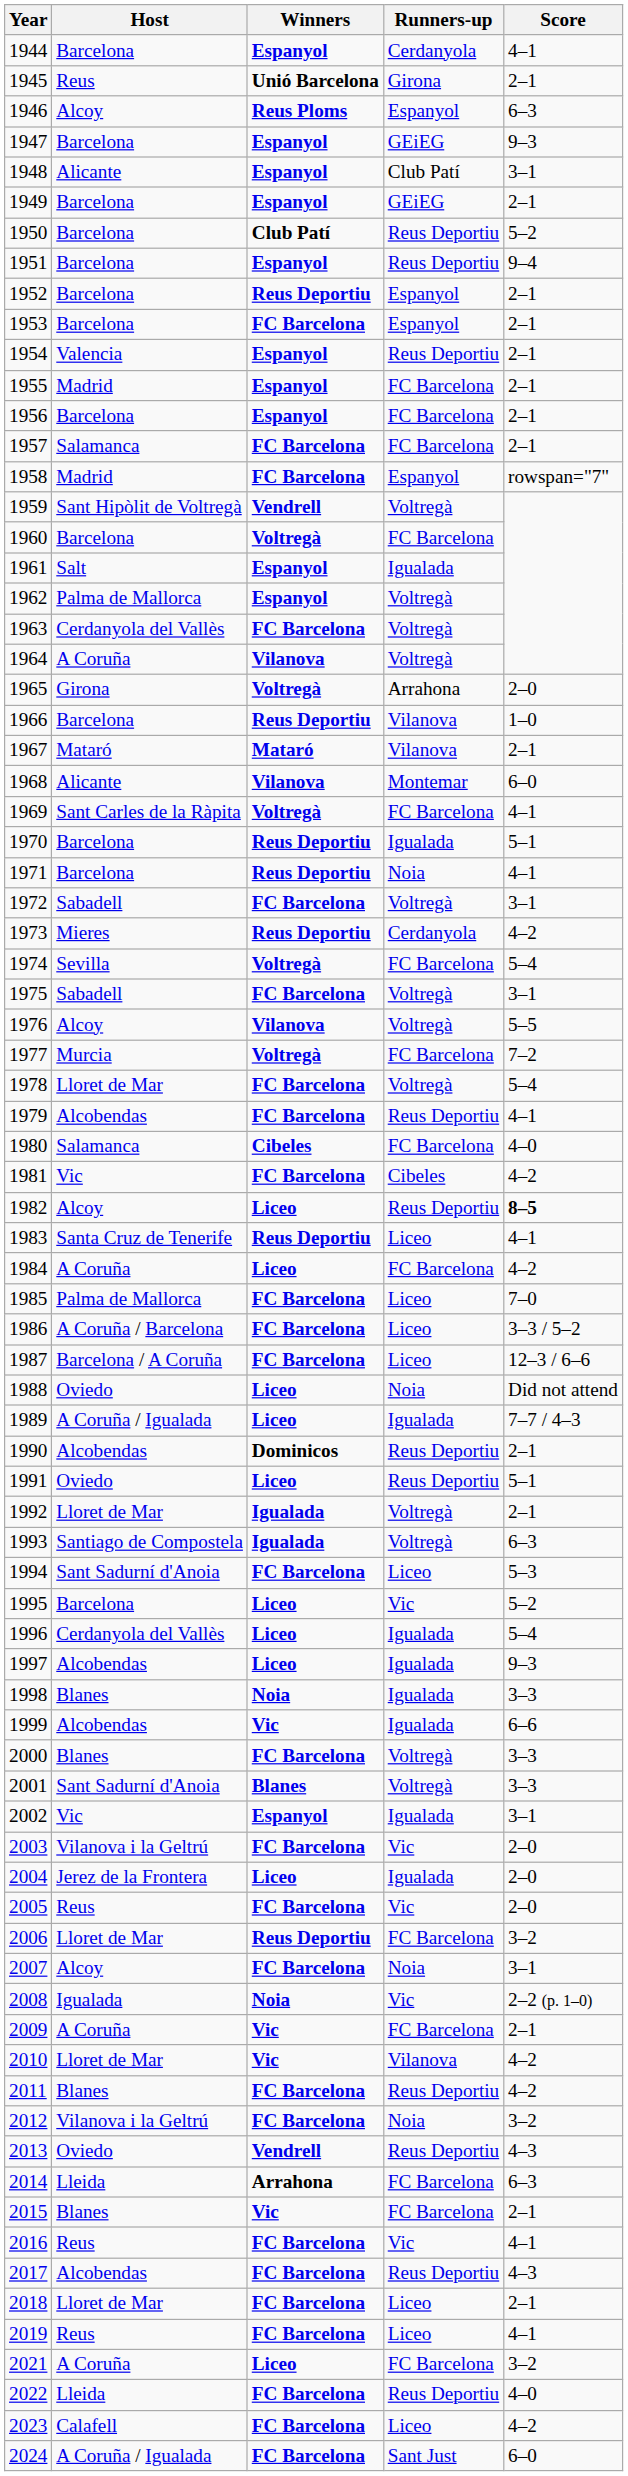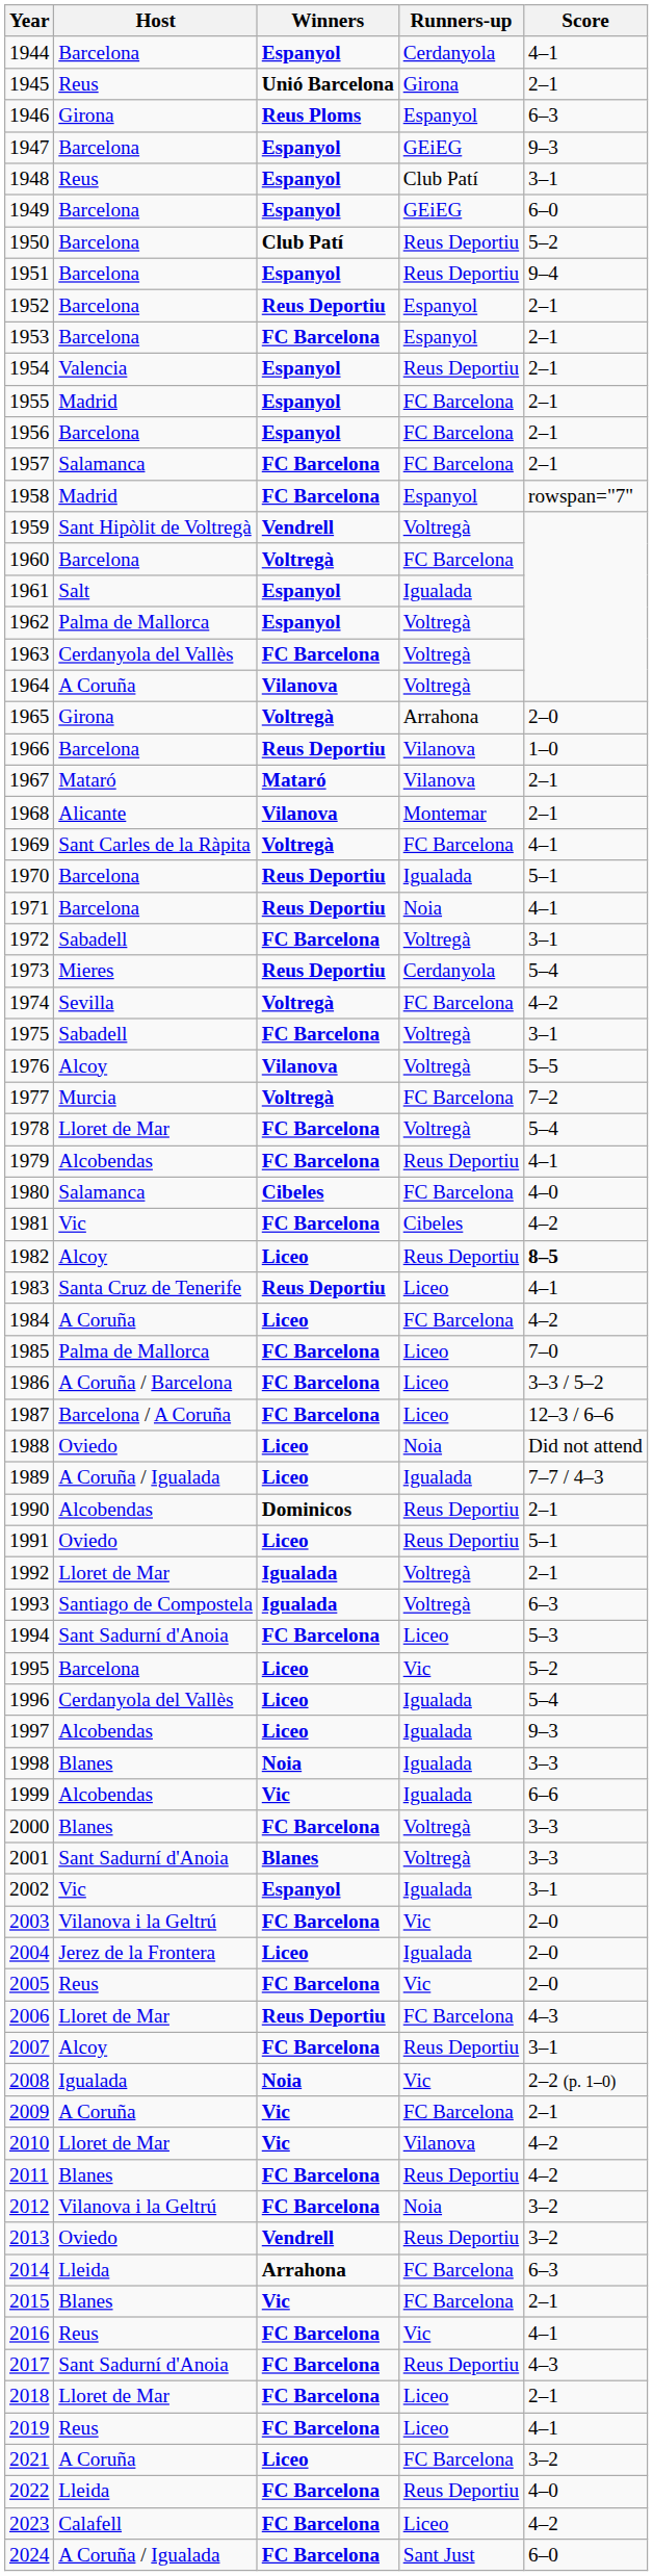 <table class="wikitable">
 <tr>
 <th>Year</th>
 <th>Host</th>
 <th>Winners</th>
 <th>Runners-up</th>
 <th>Score</th>
 </tr>
 <tr>
 <td>1944</td>
 <td><a href='#'>Barcelona</a></td>
 <td><strong><a href='#'>Espanyol</a></strong></td>
 <td><a href='#'>Cerdanyola</a></td>
 <td>4–1</td>
 </tr>
 <tr>
 <td>1945</td>
 <td><a href='#'>Reus</a></td>
 <td><strong>Unió Barcelona</strong></td>
 <td><a href='#'>Girona</a></td>
 <td>2–1</td>
 </tr>
 <tr>
 <td>1946</td>
-<td><a href='#'>Alcoy</a></td>
+<td><a href='#'>Girona</a></td>
 <td><strong><a href='#'>Reus Ploms</a></strong></td>
 <td><a href='#'>Espanyol</a></td>
 <td>6–3</td>
 </tr>
 <tr>
 <td>1947</td>
 <td><a href='#'>Barcelona</a></td>
 <td><strong><a href='#'>Espanyol</a></strong></td>
 <td><a href='#'>GEiEG</a></td>
 <td>9–3</td>
 </tr>
 <tr>
 <td>1948</td>
-<td><a href='#'>Alicante</a></td>
+<td><a href='#'>Reus</a></td>
 <td><strong><a href='#'>Espanyol</a></strong></td>
 <td>Club Patí</td>
 <td>3–1</td>
 </tr>
 <tr>
 <td>1949</td>
 <td><a href='#'>Barcelona</a></td>
 <td><strong><a href='#'>Espanyol</a></strong></td>
 <td><a href='#'>GEiEG</a></td>
-<td>2–1</td>
+<td>6–0</td>
 </tr>
 <tr>
 <td>1950</td>
 <td><a href='#'>Barcelona</a></td>
 <td><strong>Club Patí</strong></td>
 <td><a href='#'>Reus Deportiu</a></td>
 <td>5–2</td>
 </tr>
 <tr>
 <td>1951</td>
 <td><a href='#'>Barcelona</a></td>
 <td><strong><a href='#'>Espanyol</a></strong></td>
 <td><a href='#'>Reus Deportiu</a></td>
 <td>9–4</td>
 </tr>
 <tr>
 <td>1952</td>
 <td><a href='#'>Barcelona</a></td>
 <td><strong><a href='#'>Reus Deportiu</a></strong></td>
 <td><a href='#'>Espanyol</a></td>
 <td>2–1</td>
 </tr>
 <tr>
 <td>1953</td>
 <td><a href='#'>Barcelona</a></td>
 <td><strong><a href='#'>FC Barcelona</a></strong></td>
 <td><a href='#'>Espanyol</a></td>
 <td>2–1</td>
 </tr>
 <tr>
 <td>1954</td>
 <td><a href='#'>Valencia</a></td>
 <td><strong><a href='#'>Espanyol</a></strong></td>
 <td><a href='#'>Reus Deportiu</a></td>
 <td>2–1</td>
 </tr>
 <tr>
 <td>1955</td>
 <td><a href='#'>Madrid</a></td>
 <td><strong><a href='#'>Espanyol</a></strong></td>
 <td><a href='#'>FC Barcelona</a></td>
 <td>2–1</td>
 </tr>
 <tr>
 <td>1956</td>
 <td><a href='#'>Barcelona</a></td>
 <td><strong><a href='#'>Espanyol</a></strong></td>
 <td><a href='#'>FC Barcelona</a></td>
 <td>2–1</td>
 </tr>
 <tr>
 <td>1957</td>
 <td><a href='#'>Salamanca</a></td>
 <td><strong><a href='#'>FC Barcelona</a></strong></td>
 <td><a href='#'>FC Barcelona</a></td>
 <td>2–1</td>
 </tr>
 <tr>
 <td>1958</td>
 <td><a href='#'>Madrid</a></td>
 <td><strong><a href='#'>FC Barcelona</a></strong></td>
 <td><a href='#'>Espanyol</a></td>
 <td>rowspan="7" </td>
 </tr>
 <tr>
 <td>1959</td>
 <td><a href='#'>Sant Hipòlit de Voltregà</a></td>
 <td><strong><a href='#'>Vendrell</a></strong></td>
 <td><a href='#'>Voltregà</a></td>
 </tr>
 <tr>
 <td>1960</td>
 <td><a href='#'>Barcelona</a></td>
 <td><strong><a href='#'>Voltregà</a></strong></td>
 <td><a href='#'>FC Barcelona</a></td>
 </tr>
 <tr>
 <td>1961</td>
 <td><a href='#'>Salt</a></td>
 <td><strong><a href='#'>Espanyol</a></strong></td>
 <td><a href='#'>Igualada</a></td>
 </tr>
 <tr>
 <td>1962</td>
 <td><a href='#'>Palma de Mallorca</a></td>
 <td><strong><a href='#'>Espanyol</a></strong></td>
 <td><a href='#'>Voltregà</a></td>
 </tr>
 <tr>
 <td>1963</td>
 <td><a href='#'>Cerdanyola del Vallès</a></td>
 <td><strong><a href='#'>FC Barcelona</a></strong></td>
 <td><a href='#'>Voltregà</a></td>
 </tr>
 <tr>
 <td>1964</td>
 <td><a href='#'>A Coruña</a></td>
 <td><strong><a href='#'>Vilanova</a></strong></td>
 <td><a href='#'>Voltregà</a></td>
 </tr>
 <tr>
 <td>1965</td>
 <td><a href='#'>Girona</a></td>
 <td><strong><a href='#'>Voltregà</a></strong></td>
 <td>Arrahona</td>
 <td>2–0</td>
 </tr>
 <tr>
 <td>1966</td>
 <td><a href='#'>Barcelona</a></td>
 <td><strong><a href='#'>Reus Deportiu</a></strong></td>
 <td><a href='#'>Vilanova</a></td>
 <td>1–0</td>
 </tr>
 <tr>
 <td>1967</td>
 <td><a href='#'>Mataró</a></td>
 <td><strong><a href='#'>Mataró</a></strong></td>
 <td><a href='#'>Vilanova</a></td>
 <td>2–1</td>
 </tr>
 <tr>
 <td>1968</td>
 <td><a href='#'>Alicante</a></td>
 <td><strong><a href='#'>Vilanova</a></strong></td>
 <td><a href='#'>Montemar</a></td>
-<td>6–0</td>
+<td>2–1</td>
 </tr>
 <tr>
 <td>1969</td>
 <td><a href='#'>Sant Carles de la Ràpita</a></td>
 <td><strong><a href='#'>Voltregà</a></strong></td>
 <td><a href='#'>FC Barcelona</a></td>
 <td>4–1</td>
 </tr>
 <tr>
 <td>1970</td>
 <td><a href='#'>Barcelona</a></td>
 <td><strong><a href='#'>Reus Deportiu</a></strong></td>
 <td><a href='#'>Igualada</a></td>
 <td>5–1</td>
 </tr>
 <tr>
 <td>1971</td>
 <td><a href='#'>Barcelona</a></td>
 <td><strong><a href='#'>Reus Deportiu</a></strong></td>
 <td><a href='#'>Noia</a></td>
 <td>4–1</td>
 </tr>
 <tr>
 <td>1972</td>
 <td><a href='#'>Sabadell</a></td>
 <td><strong><a href='#'>FC Barcelona</a></strong></td>
 <td><a href='#'>Voltregà</a></td>
 <td>3–1</td>
 </tr>
 <tr>
 <td>1973</td>
 <td><a href='#'>Mieres</a></td>
 <td><strong><a href='#'>Reus Deportiu</a></strong></td>
 <td><a href='#'>Cerdanyola</a></td>
-<td>4–2</td>
+<td>5–4</td>
 </tr>
 <tr>
 <td>1974</td>
 <td><a href='#'>Sevilla</a></td>
 <td><strong><a href='#'>Voltregà</a></strong></td>
 <td><a href='#'>FC Barcelona</a></td>
-<td>5–4</td>
+<td>4–2</td>
 </tr>
 <tr>
 <td>1975</td>
 <td><a href='#'>Sabadell</a></td>
 <td><strong><a href='#'>FC Barcelona</a></strong></td>
 <td><a href='#'>Voltregà</a></td>
 <td>3–1</td>
 </tr>
 <tr>
 <td>1976</td>
 <td><a href='#'>Alcoy</a></td>
 <td><strong><a href='#'>Vilanova</a></strong></td>
 <td><a href='#'>Voltregà</a></td>
 <td>5–5</td>
 </tr>
 <tr>
 <td>1977</td>
 <td><a href='#'>Murcia</a></td>
 <td><strong><a href='#'>Voltregà</a></strong></td>
 <td><a href='#'>FC Barcelona</a></td>
 <td>7–2</td>
 </tr>
 <tr>
 <td>1978</td>
 <td><a href='#'>Lloret de Mar</a></td>
 <td><strong><a href='#'>FC Barcelona</a></strong></td>
 <td><a href='#'>Voltregà</a></td>
 <td>5–4</td>
 </tr>
 <tr>
 <td>1979</td>
 <td><a href='#'>Alcobendas</a></td>
 <td><strong><a href='#'>FC Barcelona</a></strong></td>
 <td><a href='#'>Reus Deportiu</a></td>
 <td>4–1</td>
 </tr>
 <tr>
 <td>1980</td>
 <td><a href='#'>Salamanca</a></td>
 <td><strong><a href='#'>Cibeles</a> </strong></td>
 <td><a href='#'>FC Barcelona</a></td>
 <td>4–0</td>
 </tr>
 <tr>
 <td>1981</td>
 <td><a href='#'>Vic</a></td>
 <td><strong><a href='#'>FC Barcelona</a></strong></td>
 <td><a href='#'>Cibeles</a></td>
 <td>4–2</td>
 </tr>
 <tr>
 <td>1982</td>
 <td><a href='#'>Alcoy</a></td>
 <td><strong><a href='#'>Liceo</a></strong></td>
 <td><a href='#'>Reus Deportiu</a></td>
 <td><strong>8–5</strong></td>
 </tr>
 <tr>
 <td>1983</td>
 <td><a href='#'>Santa Cruz de Tenerife</a></td>
 <td><strong><a href='#'>Reus Deportiu</a></strong></td>
 <td><a href='#'>Liceo</a></td>
 <td>4–1</td>
 </tr>
 <tr>
 <td>1984</td>
 <td><a href='#'>A Coruña</a></td>
 <td><strong> <a href='#'>Liceo</a></strong></td>
 <td><a href='#'>FC Barcelona</a></td>
 <td>4–2</td>
 </tr>
 <tr>
 <td>1985</td>
 <td><a href='#'>Palma de Mallorca</a></td>
 <td><strong><a href='#'>FC Barcelona</a></strong></td>
 <td><a href='#'>Liceo</a></td>
 <td>7–0</td>
 </tr>
 <tr>
 <td>1986</td>
 <td><a href='#'>A Coruña</a> / <a href='#'>Barcelona</a></td>
 <td><strong><a href='#'>FC Barcelona</a></strong></td>
 <td><a href='#'>Liceo</a></td>
 <td>3–3 / 5–2</td>
 </tr>
 <tr>
 <td>1987</td>
 <td><a href='#'>Barcelona</a> / <a href='#'>A Coruña</a></td>
 <td><strong><a href='#'>FC Barcelona</a></strong></td>
 <td><a href='#'>Liceo</a></td>
 <td>12–3 / 6–6</td>
 </tr>
 <tr>
 <td>1988</td>
 <td><a href='#'>Oviedo</a></td>
 <td><strong> <a href='#'>Liceo</a></strong></td>
 <td><a href='#'>Noia</a></td>
 <td>Did not attend</td>
 </tr>
 <tr>
 <td>1989</td>
 <td><a href='#'>A Coruña</a> / <a href='#'>Igualada</a></td>
 <td><strong> <a href='#'>Liceo</a></strong></td>
 <td><a href='#'>Igualada</a></td>
 <td>7–7 / 4–3</td>
 </tr>
 <tr>
 <td>1990</td>
 <td><a href='#'>Alcobendas</a></td>
 <td><strong> Dominicos</strong></td>
 <td><a href='#'>Reus Deportiu</a></td>
 <td>2–1</td>
 </tr>
 <tr>
 <td>1991</td>
 <td><a href='#'>Oviedo</a></td>
 <td><strong> <a href='#'>Liceo</a></strong></td>
 <td><a href='#'>Reus Deportiu</a></td>
 <td>5–1</td>
 </tr>
 <tr>
 <td>1992</td>
 <td><a href='#'>Lloret de Mar</a></td>
 <td><strong><a href='#'>Igualada</a></strong></td>
 <td><a href='#'>Voltregà</a></td>
 <td>2–1</td>
 </tr>
 <tr>
 <td>1993</td>
 <td><a href='#'>Santiago de Compostela</a></td>
 <td><strong><a href='#'>Igualada</a></strong></td>
 <td><a href='#'>Voltregà</a></td>
 <td>6–3</td>
 </tr>
 <tr>
 <td>1994</td>
 <td><a href='#'>Sant Sadurní d'Anoia</a></td>
 <td><strong><a href='#'>FC Barcelona</a></strong></td>
 <td><a href='#'>Liceo</a></td>
 <td>5–3</td>
 </tr>
 <tr>
 <td>1995</td>
 <td><a href='#'>Barcelona</a></td>
 <td><strong> <a href='#'>Liceo</a></strong></td>
 <td><a href='#'>Vic</a></td>
 <td>5–2</td>
 </tr>
 <tr>
 <td>1996</td>
 <td><a href='#'>Cerdanyola del Vallès</a></td>
 <td><strong> <a href='#'>Liceo</a></strong></td>
 <td><a href='#'>Igualada</a></td>
 <td>5–4</td>
 </tr>
 <tr>
 <td>1997</td>
 <td><a href='#'>Alcobendas</a></td>
 <td><strong> <a href='#'>Liceo</a></strong></td>
 <td><a href='#'>Igualada</a></td>
 <td>9–3</td>
 </tr>
 <tr>
 <td>1998</td>
 <td><a href='#'>Blanes</a></td>
 <td><strong><a href='#'>Noia</a></strong></td>
 <td><a href='#'>Igualada</a></td>
 <td>3–3</td>
 </tr>
 <tr>
 <td>1999</td>
 <td><a href='#'>Alcobendas</a></td>
 <td><strong><a href='#'>Vic</a></strong></td>
 <td><a href='#'>Igualada</a></td>
 <td>6–6</td>
 </tr>
 <tr>
 <td>2000</td>
 <td><a href='#'>Blanes</a></td>
 <td><strong><a href='#'>FC Barcelona</a></strong></td>
 <td><a href='#'>Voltregà</a></td>
 <td>3–3</td>
 </tr>
 <tr>
 <td>2001</td>
 <td><a href='#'>Sant Sadurní d'Anoia</a></td>
 <td><strong><a href='#'>Blanes</a></strong></td>
 <td><a href='#'>Voltregà</a></td>
 <td>3–3</td>
 </tr>
 <tr>
 <td>2002</td>
 <td><a href='#'>Vic</a></td>
 <td><strong><a href='#'>Espanyol</a></strong></td>
 <td><a href='#'>Igualada</a></td>
 <td>3–1</td>
 </tr>
 <tr>
 <td><a href='#'>2003</a></td>
 <td><a href='#'>Vilanova i la Geltrú</a></td>
 <td><strong><a href='#'>FC Barcelona</a></strong></td>
 <td><a href='#'>Vic</a></td>
 <td>2–0</td>
 </tr>
 <tr>
 <td><a href='#'>2004</a></td>
 <td><a href='#'>Jerez de la Frontera</a></td>
 <td><strong> <a href='#'>Liceo</a></strong></td>
 <td><a href='#'>Igualada</a></td>
 <td>2–0</td>
 </tr>
 <tr>
 <td><a href='#'>2005</a></td>
 <td><a href='#'>Reus</a></td>
 <td><strong><a href='#'>FC Barcelona</a></strong></td>
 <td><a href='#'>Vic</a></td>
 <td>2–0</td>
 </tr>
 <tr>
 <td><a href='#'>2006</a></td>
 <td><a href='#'>Lloret de Mar</a></td>
 <td><strong><a href='#'>Reus Deportiu</a></strong></td>
 <td><a href='#'>FC Barcelona</a></td>
-<td>3–2</td>
+<td>4–3</td>
 </tr>
 <tr>
 <td><a href='#'>2007</a></td>
 <td><a href='#'>Alcoy</a></td>
 <td><strong><a href='#'>FC Barcelona</a></strong></td>
-<td><a href='#'>Noia</a></td>
+<td><a href='#'>Reus Deportiu</a></td>
 <td>3–1</td>
 </tr>
 <tr>
 <td><a href='#'>2008</a></td>
 <td><a href='#'>Igualada</a></td>
 <td><strong><a href='#'>Noia</a></strong></td>
 <td><a href='#'>Vic</a></td>
 <td>2–2 <small>(p. 1–0)</small></td>
 </tr>
 <tr>
 <td><a href='#'>2009</a></td>
 <td><a href='#'>A Coruña</a></td>
 <td><strong><a href='#'>Vic</a></strong></td>
 <td><a href='#'>FC Barcelona</a></td>
 <td>2–1</td>
 </tr>
 <tr>
 <td><a href='#'>2010</a></td>
 <td><a href='#'>Lloret de Mar</a></td>
 <td><strong><a href='#'>Vic</a></strong></td>
 <td><a href='#'>Vilanova</a></td>
 <td>4–2</td>
 </tr>
 <tr>
 <td><a href='#'>2011</a></td>
 <td><a href='#'>Blanes</a></td>
 <td><strong><a href='#'>FC Barcelona</a></strong></td>
 <td><a href='#'>Reus Deportiu</a></td>
 <td>4–2</td>
 </tr>
 <tr>
 <td><a href='#'>2012</a></td>
 <td><a href='#'>Vilanova i la Geltrú</a></td>
 <td><strong><a href='#'>FC Barcelona</a></strong></td>
 <td><a href='#'>Noia</a></td>
 <td>3–2</td>
 </tr>
 <tr>
 <td><a href='#'>2013</a></td>
 <td><a href='#'>Oviedo</a></td>
 <td><strong><a href='#'>Vendrell</a></strong></td>
 <td><a href='#'>Reus Deportiu</a></td>
-<td>4–3</td>
+<td>3–2</td>
 </tr>
 <tr>
 <td><a href='#'>2014</a></td>
 <td><a href='#'>Lleida</a></td>
 <td><strong>Arrahona</strong></td>
 <td><a href='#'>FC Barcelona</a></td>
 <td>6–3</td>
 </tr>
 <tr>
 <td><a href='#'>2015</a></td>
 <td><a href='#'>Blanes</a></td>
 <td><strong><a href='#'>Vic</a></strong></td>
 <td><a href='#'>FC Barcelona</a></td>
 <td>2–1</td>
 </tr>
 <tr>
 <td><a href='#'>2016</a></td>
 <td><a href='#'>Reus</a></td>
 <td><strong><a href='#'>FC Barcelona</a></strong></td>
 <td><a href='#'>Vic</a></td>
 <td>4–1</td>
 </tr>
 <tr>
 <td><a href='#'>2017</a></td>
-<td><a href='#'>Alcobendas</a></td>
+<td><a href='#'>Sant Sadurní d'Anoia</a></td>
 <td><strong><a href='#'>FC Barcelona</a></strong></td>
 <td><a href='#'>Reus Deportiu</a></td>
 <td>4–3</td>
 </tr>
 <tr>
 <td><a href='#'>2018</a></td>
 <td><a href='#'>Lloret de Mar</a></td>
 <td><strong><a href='#'>FC Barcelona</a></strong></td>
 <td><a href='#'>Liceo</a></td>
 <td>2–1</td>
 </tr>
 <tr>
 <td><a href='#'>2019</a></td>
 <td><a href='#'>Reus</a></td>
 <td><strong><a href='#'>FC Barcelona</a></strong></td>
 <td><a href='#'>Liceo</a></td>
 <td>4–1</td>
 </tr>
 <tr>
 <td><a href='#'>2021</a></td>
 <td><a href='#'>A Coruña</a></td>
 <td><strong><a href='#'>Liceo</a></strong></td>
 <td><a href='#'>FC Barcelona</a></td>
 <td>3–2</td>
 </tr>
 <tr>
 <td><a href='#'>2022</a></td>
 <td><a href='#'>Lleida</a></td>
 <td><strong><a href='#'>FC Barcelona</a></strong></td>
 <td><a href='#'>Reus Deportiu</a></td>
 <td>4–0</td>
 </tr>
 <tr>
 <td><a href='#'>2023</a></td>
 <td><a href='#'>Calafell</a></td>
 <td><strong><a href='#'>FC Barcelona</a></strong></td>
 <td><a href='#'>Liceo</a></td>
 <td>4–2</td>
 </tr>
 <tr>
 <td><a href='#'>2024</a></td>
 <td><a href='#'>A Coruña</a> / <a href='#'>Igualada</a></td>
 <td><strong><a href='#'>FC Barcelona</a></strong></td>
 <td><a href='#'>Sant Just</a></td>
 <td>6–0</td>
 </tr>
 </table>
